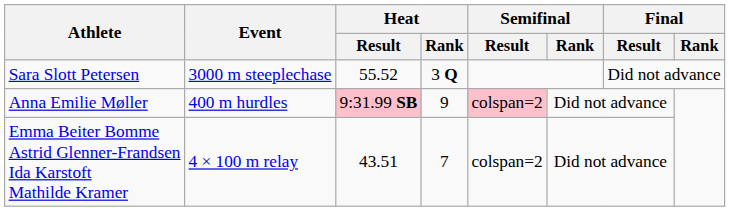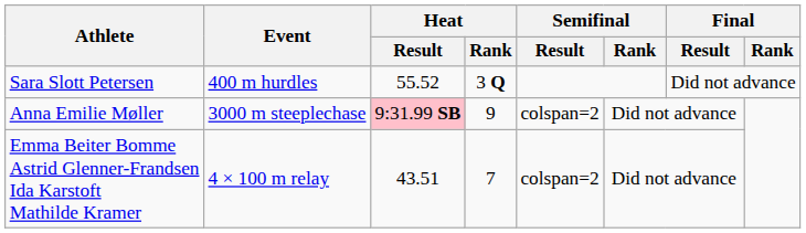 <table class="wikitable" style="font-size:90%">
 <tr>
 <th rowspan="2">Athlete</th>
 <th rowspan="2">Event</th>
 <th colspan="2">Heat</th>
 <th colspan="2">Semifinal</th>
 <th colspan="2">Final</th>
 </tr>
 <tr style="font-size:95%">
 <th>Result</th>
 <th>Rank</th>
 <th>Result</th>
 <th>Rank</th>
 <th>Result</th>
 <th>Rank</th>
 </tr>
 <tr align=center>
 <td align=left><a href='#'>Sara Slott Petersen</a></td>
-<td align=left><a href='#'>3000 m steeplechase</a></td>
+<td align=left><a href='#'>400 m hurdles</a></td>
 <td>55.52</td>
 <td>3 <strong>Q</strong></td>
 <td colspan=2></td>
 <td colspan=2>Did not advance</td>
 </tr>
 <tr align=center>
 <td align=left><a href='#'>Anna Emilie Møller</a></td>
-<td align=left><a href='#'>400 m hurdles</a></td>
+<td align=left><a href='#'>3000 m steeplechase</a></td>
 <td style="background: pink;">9:31.99 <strong>SB</strong></td>
 <td>9</td>
-<td style="background: pink;">colspan=2 </td>
+<td>colspan=2 </td>
 <td colspan=2>Did not advance</td>
 </tr>
 <tr align=center>
 <td align=left><a href='#'>Emma Beiter Bomme</a><br><a href='#'>Astrid Glenner-Frandsen</a><br><a href='#'>Ida Karstoft</a><br><a href='#'>Mathilde Kramer</a></td>
 <td align=left><a href='#'>4 × 100 m relay</a></td>
 <td>43.51 <strong></strong></td>
 <td>7</td>
 <td>colspan=2 </td>
 <td colspan=2>Did not advance</td>
 </tr>
 </table>
